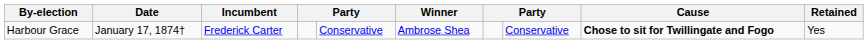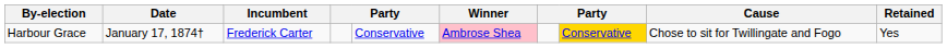 <table class=wikitable style="width:100%">
 <tr>
 <th>By-election</th>
 <th>Date</th>
 <th>Incumbent</th>
 <th colspan=2>Party</th>
 <th>Winner</th>
 <th colspan=2>Party</th>
 <th>Cause</th>
 <th>Retained</th>
 </tr>
 <tr>
 <td>Harbour Grace</td>
 <td>January 17, 1874†</td>
 <td><a href='#'>Frederick Carter</a></td>
 <td>    </td>
 <td><a href='#'>Conservative</a></td>
-<td><a href='#'>Ambrose Shea</a></td>
+<td style="background: pink;"><a href='#'>Ambrose Shea</a></td>
 <td>    </td>
-<td><a href='#'>Conservative</a></td>
-<td><strong>Chose to sit for Twillingate and Fogo</strong></td>
+<td style="background: gold;"><a href='#'>Conservative</a></td>
+<td>Chose to sit for Twillingate and Fogo</td>
 <td>Yes</td>
 </tr>
 </table>
